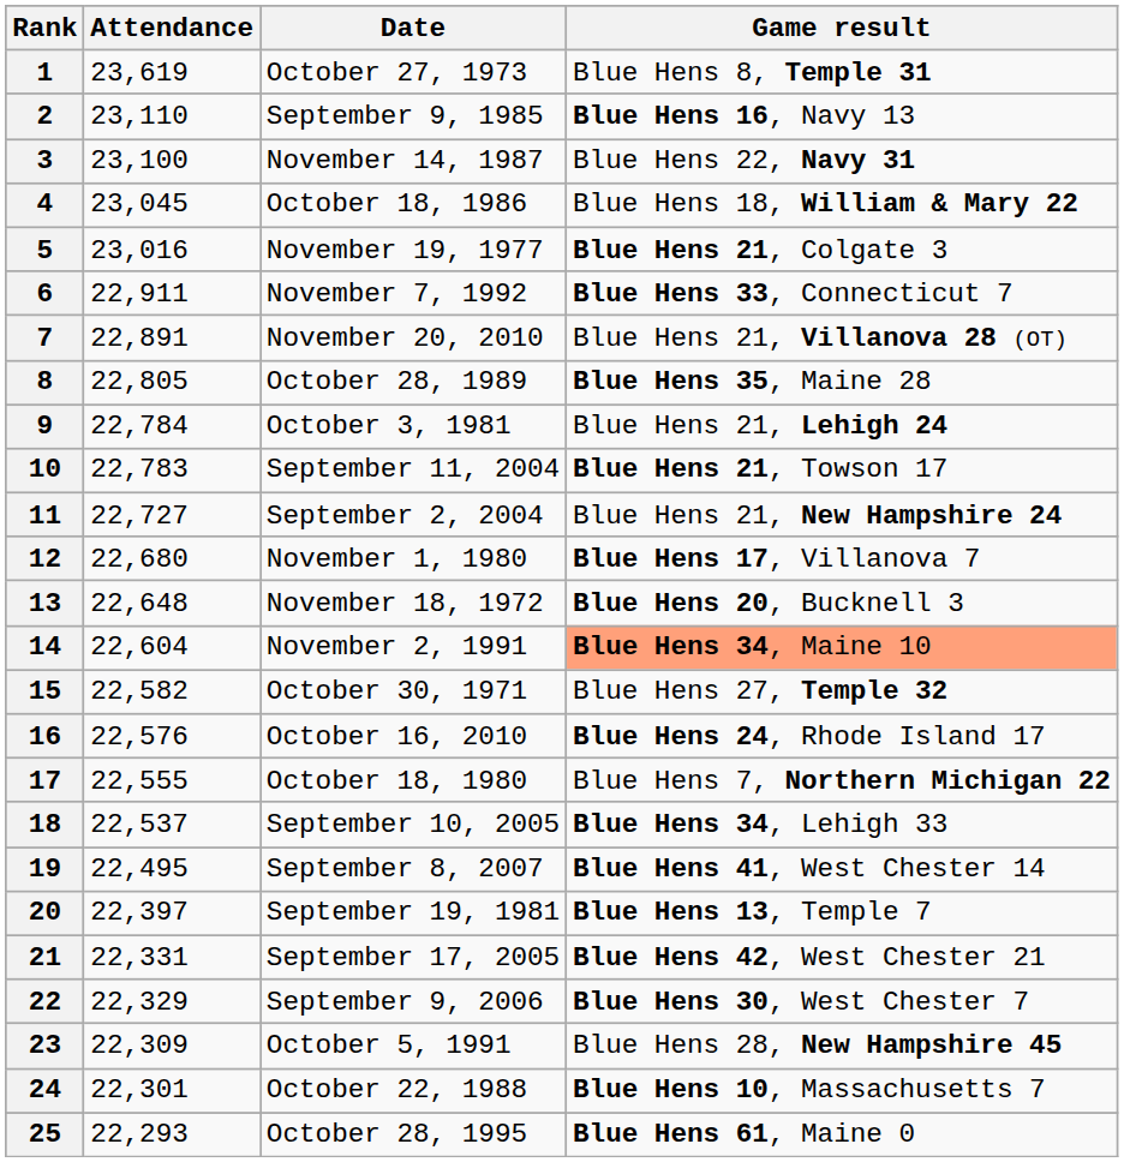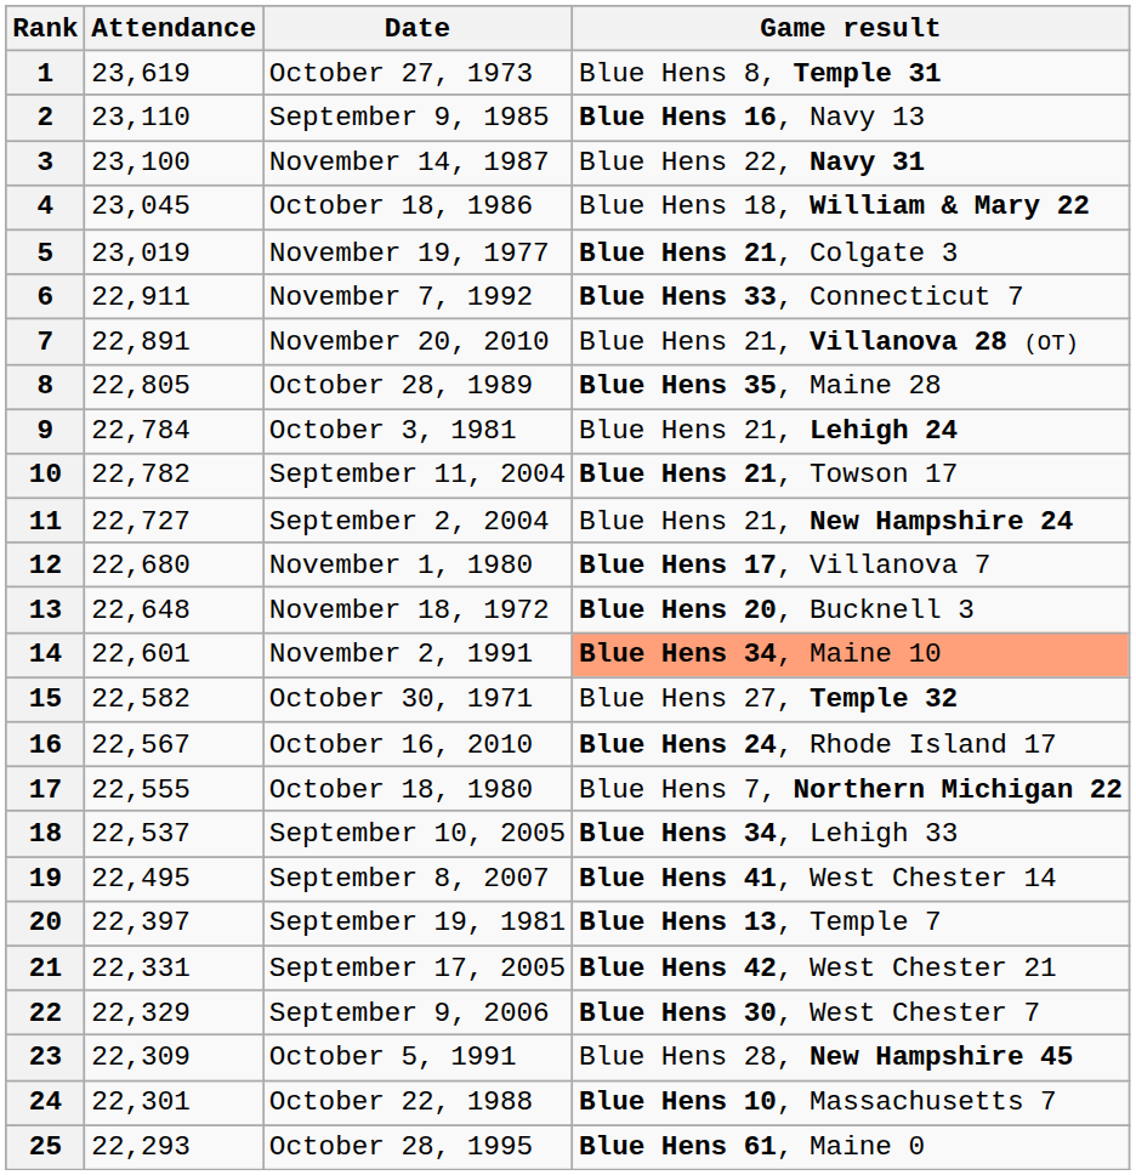 <table class="wikitable">
 <tr>
 <th>Rank</th>
 <th>Attendance</th>
 <th>Date</th>
 <th>Game result</th>
 </tr>
 <tr>
 <th>1</th>
 <td>23,619</td>
 <td>October 27, 1973</td>
 <td>Blue Hens 8, <strong>Temple 31</strong></td>
 </tr>
 <tr>
 <th>2</th>
 <td>23,110</td>
 <td>September 9, 1985</td>
 <td><strong>Blue Hens 16</strong>, Navy 13</td>
 </tr>
 <tr>
 <th>3</th>
 <td>23,100</td>
 <td>November 14, 1987</td>
 <td>Blue Hens 22, <strong>Navy 31</strong></td>
 </tr>
 <tr>
 <th>4</th>
 <td>23,045</td>
 <td>October 18, 1986</td>
 <td>Blue Hens 18, <strong>William & Mary 22</strong></td>
 </tr>
 <tr>
 <th>5</th>
-<td>23,016</td>
+<td>23,019</td>
 <td>November 19, 1977</td>
 <td><strong>Blue Hens 21</strong>, Colgate 3</td>
 </tr>
 <tr>
 <th>6</th>
 <td>22,911</td>
 <td>November 7, 1992</td>
 <td><strong>Blue Hens 33</strong>, Connecticut 7</td>
 </tr>
 <tr>
 <th>7</th>
 <td>22,891</td>
 <td>November 20, 2010</td>
 <td>Blue Hens 21, <strong>Villanova 28</strong> <small>(OT)</small></td>
 </tr>
 <tr>
 <th>8</th>
 <td>22,805</td>
 <td>October 28, 1989</td>
 <td><strong>Blue Hens 35</strong>, Maine 28</td>
 </tr>
 <tr>
 <th>9</th>
 <td>22,784</td>
 <td>October 3, 1981</td>
 <td>Blue Hens 21, <strong>Lehigh 24</strong></td>
 </tr>
 <tr>
 <th>10</th>
-<td>22,783</td>
+<td>22,782</td>
 <td>September 11, 2004</td>
 <td><strong>Blue Hens 21</strong>, Towson 17</td>
 </tr>
 <tr>
 <th>11</th>
 <td>22,727</td>
 <td>September 2, 2004</td>
 <td>Blue Hens 21, <strong>New Hampshire 24</strong></td>
 </tr>
 <tr>
 <th>12</th>
 <td>22,680</td>
 <td>November 1, 1980</td>
 <td><strong>Blue Hens 17</strong>, Villanova 7</td>
 </tr>
 <tr>
 <th>13</th>
 <td>22,648</td>
 <td>November 18, 1972</td>
 <td><strong>Blue Hens 20</strong>, Bucknell 3</td>
 </tr>
 <tr>
 <th>14</th>
-<td>22,604</td>
+<td>22,601</td>
 <td>November 2, 1991</td>
 <td style="background: lightsalmon;"><strong>Blue Hens 34</strong>, Maine 10</td>
 </tr>
 <tr>
 <th>15</th>
 <td>22,582</td>
 <td>October 30, 1971</td>
 <td>Blue Hens 27, <strong>Temple 32</strong></td>
 </tr>
 <tr>
 <th>16</th>
-<td>22,576</td>
+<td>22,567</td>
 <td>October 16, 2010</td>
 <td><strong>Blue Hens 24</strong>, Rhode Island 17</td>
 </tr>
 <tr>
 <th>17</th>
 <td>22,555</td>
 <td>October 18, 1980</td>
 <td>Blue Hens 7, <strong>Northern Michigan 22</strong></td>
 </tr>
 <tr>
 <th>18</th>
 <td>22,537</td>
 <td>September 10, 2005</td>
 <td><strong>Blue Hens 34</strong>, Lehigh 33</td>
 </tr>
 <tr>
 <th>19</th>
 <td>22,495</td>
 <td>September 8, 2007</td>
 <td><strong>Blue Hens 41</strong>, West Chester 14</td>
 </tr>
 <tr>
 <th>20</th>
 <td>22,397</td>
 <td>September 19, 1981</td>
 <td><strong>Blue Hens 13</strong>, Temple 7</td>
 </tr>
 <tr>
 <th>21</th>
 <td>22,331</td>
 <td>September 17, 2005</td>
 <td><strong>Blue Hens 42</strong>, West Chester 21</td>
 </tr>
 <tr>
 <th>22</th>
 <td>22,329</td>
 <td>September 9, 2006</td>
 <td><strong>Blue Hens 30</strong>, West Chester 7</td>
 </tr>
 <tr>
 <th>23</th>
 <td>22,309</td>
 <td>October 5, 1991</td>
 <td>Blue Hens 28, <strong>New Hampshire 45</strong></td>
 </tr>
 <tr>
 <th>24</th>
 <td>22,301</td>
 <td>October 22, 1988</td>
 <td><strong>Blue Hens 10</strong>, Massachusetts 7</td>
 </tr>
 <tr>
 <th>25</th>
 <td>22,293</td>
 <td>October 28, 1995</td>
 <td><strong>Blue Hens 61</strong>, Maine 0</td>
 </tr>
 </table>
